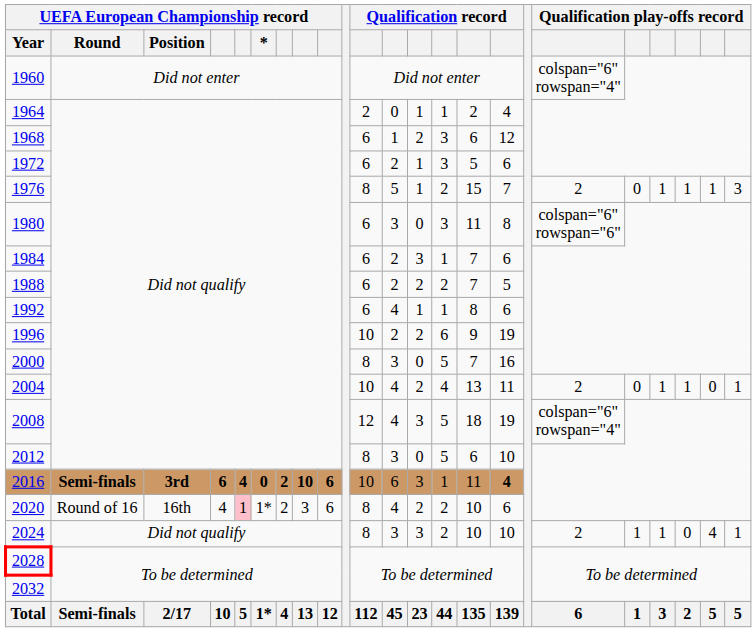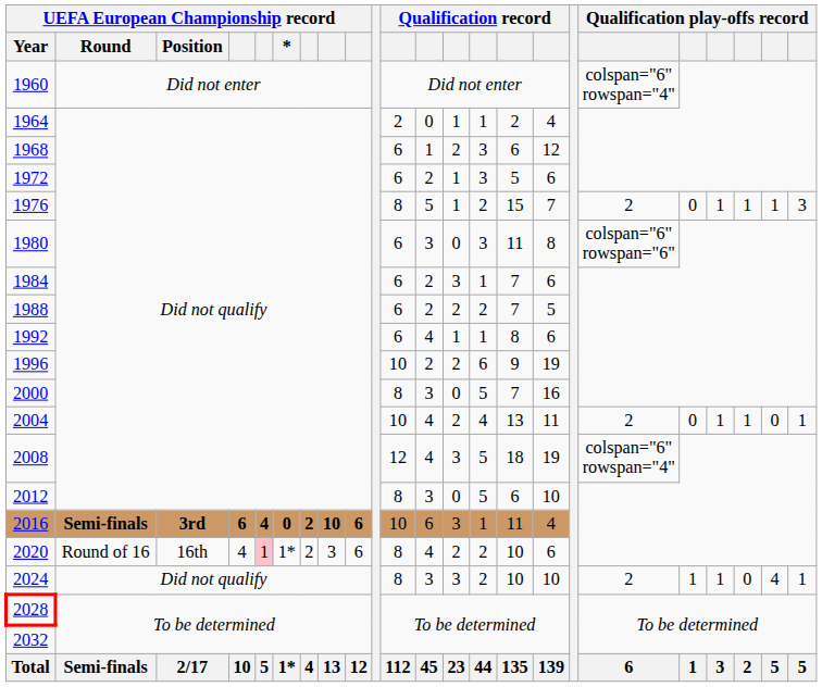 <table class="wikitable" style="text-align:center">
 <tr>
 <th colspan=9><a href='#'>UEFA European Championship</a> record</th>
 <th style="width:1%" rowspan="22"></th>
 <th colspan="6"><a href='#'>Qualification</a> record</th>
 <th rowspan="22" width="1"></th>
 <th colspan="6">Qualification play-offs record</th>
 </tr>
 <tr>
 <th>Year</th>
 <th>Round</th>
 <th>Position</th>
 <th></th>
 <th></th>
 <th>*</th>
 <th></th>
 <th></th>
 <th></th>
 <th></th>
 <th></th>
 <th></th>
 <th></th>
 <th></th>
 <th></th>
 <th width="20"></th>
 <th></th>
 <th></th>
 <th></th>
 <th></th>
 <th></th>
 </tr>
 <tr>
 <td> <a href='#'>1960</a></td>
 <td colspan="8"><em>Did not enter</em></td>
 <td colspan="6"><em>Did not enter</em></td>
 <td>colspan="6" rowspan="4" </td>
 </tr>
 <tr>
 <td> <a href='#'>1964</a></td>
 <td colspan="8" rowspan="13"><em>Did not qualify</em></td>
 <td>2</td>
 <td>0</td>
 <td>1</td>
 <td>1</td>
 <td>2</td>
 <td>4</td>
 </tr>
 <tr>
 <td> <a href='#'>1968</a></td>
 <td>6</td>
 <td>1</td>
 <td>2</td>
 <td>3</td>
 <td>6</td>
 <td>12</td>
 </tr>
 <tr>
 <td> <a href='#'>1972</a></td>
 <td>6</td>
 <td>2</td>
 <td>1</td>
 <td>3</td>
 <td>5</td>
 <td>6</td>
 </tr>
 <tr>
 <td> <a href='#'>1976</a></td>
 <td>8</td>
 <td>5</td>
 <td>1</td>
 <td>2</td>
 <td>15</td>
 <td>7</td>
 <td>2</td>
 <td>0</td>
 <td>1</td>
 <td>1</td>
 <td>1</td>
 <td>3</td>
 </tr>
 <tr>
 <td> <a href='#'>1980</a></td>
 <td>6</td>
 <td>3</td>
 <td>0</td>
 <td>3</td>
 <td>11</td>
 <td>8</td>
 <td>colspan="6" rowspan="6" </td>
 </tr>
 <tr>
 <td> <a href='#'>1984</a></td>
 <td>6</td>
 <td>2</td>
 <td>3</td>
 <td>1</td>
 <td>7</td>
 <td>6</td>
 </tr>
 <tr>
 <td> <a href='#'>1988</a></td>
 <td>6</td>
 <td>2</td>
 <td>2</td>
 <td>2</td>
 <td>7</td>
 <td>5</td>
 </tr>
 <tr>
 <td> <a href='#'>1992</a></td>
 <td>6</td>
 <td>4</td>
 <td>1</td>
 <td>1</td>
 <td>8</td>
 <td>6</td>
 </tr>
 <tr>
 <td> <a href='#'>1996</a></td>
 <td>10</td>
 <td>2</td>
 <td>2</td>
 <td>6</td>
 <td>9</td>
 <td>19</td>
 </tr>
 <tr>
 <td>  <a href='#'>2000</a></td>
 <td>8</td>
 <td>3</td>
 <td>0</td>
 <td>5</td>
 <td>7</td>
 <td>16</td>
 </tr>
 <tr>
 <td> <a href='#'>2004</a></td>
 <td>10</td>
 <td>4</td>
 <td>2</td>
 <td>4</td>
 <td>13</td>
 <td>11</td>
 <td>2</td>
 <td>0</td>
 <td>1</td>
 <td>1</td>
 <td>0</td>
 <td>1</td>
 </tr>
 <tr>
 <td>  <a href='#'>2008</a></td>
 <td>12</td>
 <td>4</td>
 <td>3</td>
 <td>5</td>
 <td>18</td>
 <td>19</td>
 <td>colspan="6" rowspan="4" </td>
 </tr>
 <tr>
 <td>  <a href='#'>2012</a></td>
 <td>8</td>
 <td>3</td>
 <td>0</td>
 <td>5</td>
 <td>6</td>
 <td>10</td>
 </tr>
 <tr bgcolor=#cc9966>
 <td> <a href='#'>2016</a></td>
 <td><strong>Semi-finals</strong></td>
 <td><strong>3rd</strong></td>
 <td><strong>6</strong></td>
 <td><strong>4</strong></td>
 <td><strong>0</strong></td>
 <td><strong>2</strong></td>
 <td><strong>10</strong></td>
 <td><strong>6</strong></td>
 <td>10</td>
 <td>6</td>
 <td>3</td>
 <td>1</td>
 <td>11</td>
-<td><strong>4</strong></td>
+<td>4</td>
 </tr>
 <tr>
 <td> <a href='#'>2020</a></td>
 <td>Round of 16</td>
 <td>16th</td>
 <td>4</td>
 <td style="background: pink;">1</td>
 <td>1*</td>
 <td>2</td>
 <td>3</td>
 <td>6</td>
 <td>8</td>
 <td>4</td>
 <td>2</td>
 <td>2</td>
 <td>10</td>
 <td>6</td>
 </tr>
 <tr>
 <td> <a href='#'>2024</a></td>
 <td colspan="8"><em>Did not qualify</em></td>
 <td>8</td>
 <td>3</td>
 <td>3</td>
 <td>2</td>
 <td>10</td>
 <td>10</td>
 <td>2</td>
 <td>1</td>
 <td>1</td>
 <td>0</td>
 <td>4</td>
 <td>1</td>
 </tr>
 <tr>
 <td style="border: 3px solid red">  <a href='#'>2028</a></td>
 <td colspan="8" rowspan="2"><em>To be determined</em></td>
 <td colspan="6" rowspan="2"><em>To be determined</em></td>
 <td colspan="6" rowspan="2"><em>To be determined</em></td>
 </tr>
 <tr>
 <td>  <a href='#'>2032</a></td>
 </tr>
 <tr>
 <th>Total</th>
 <th>Semi-finals</th>
 <th>2/17</th>
 <th>10</th>
 <th>5</th>
 <th>1*</th>
 <th>4</th>
 <th>13</th>
 <th>12</th>
 <th>112</th>
 <th>45</th>
 <th>23</th>
 <th>44</th>
 <th>135</th>
 <th>139</th>
 <th>6</th>
 <th>1</th>
 <th>3</th>
 <th>2</th>
 <th>5</th>
 <th>5</th>
 </tr>
 </table>
